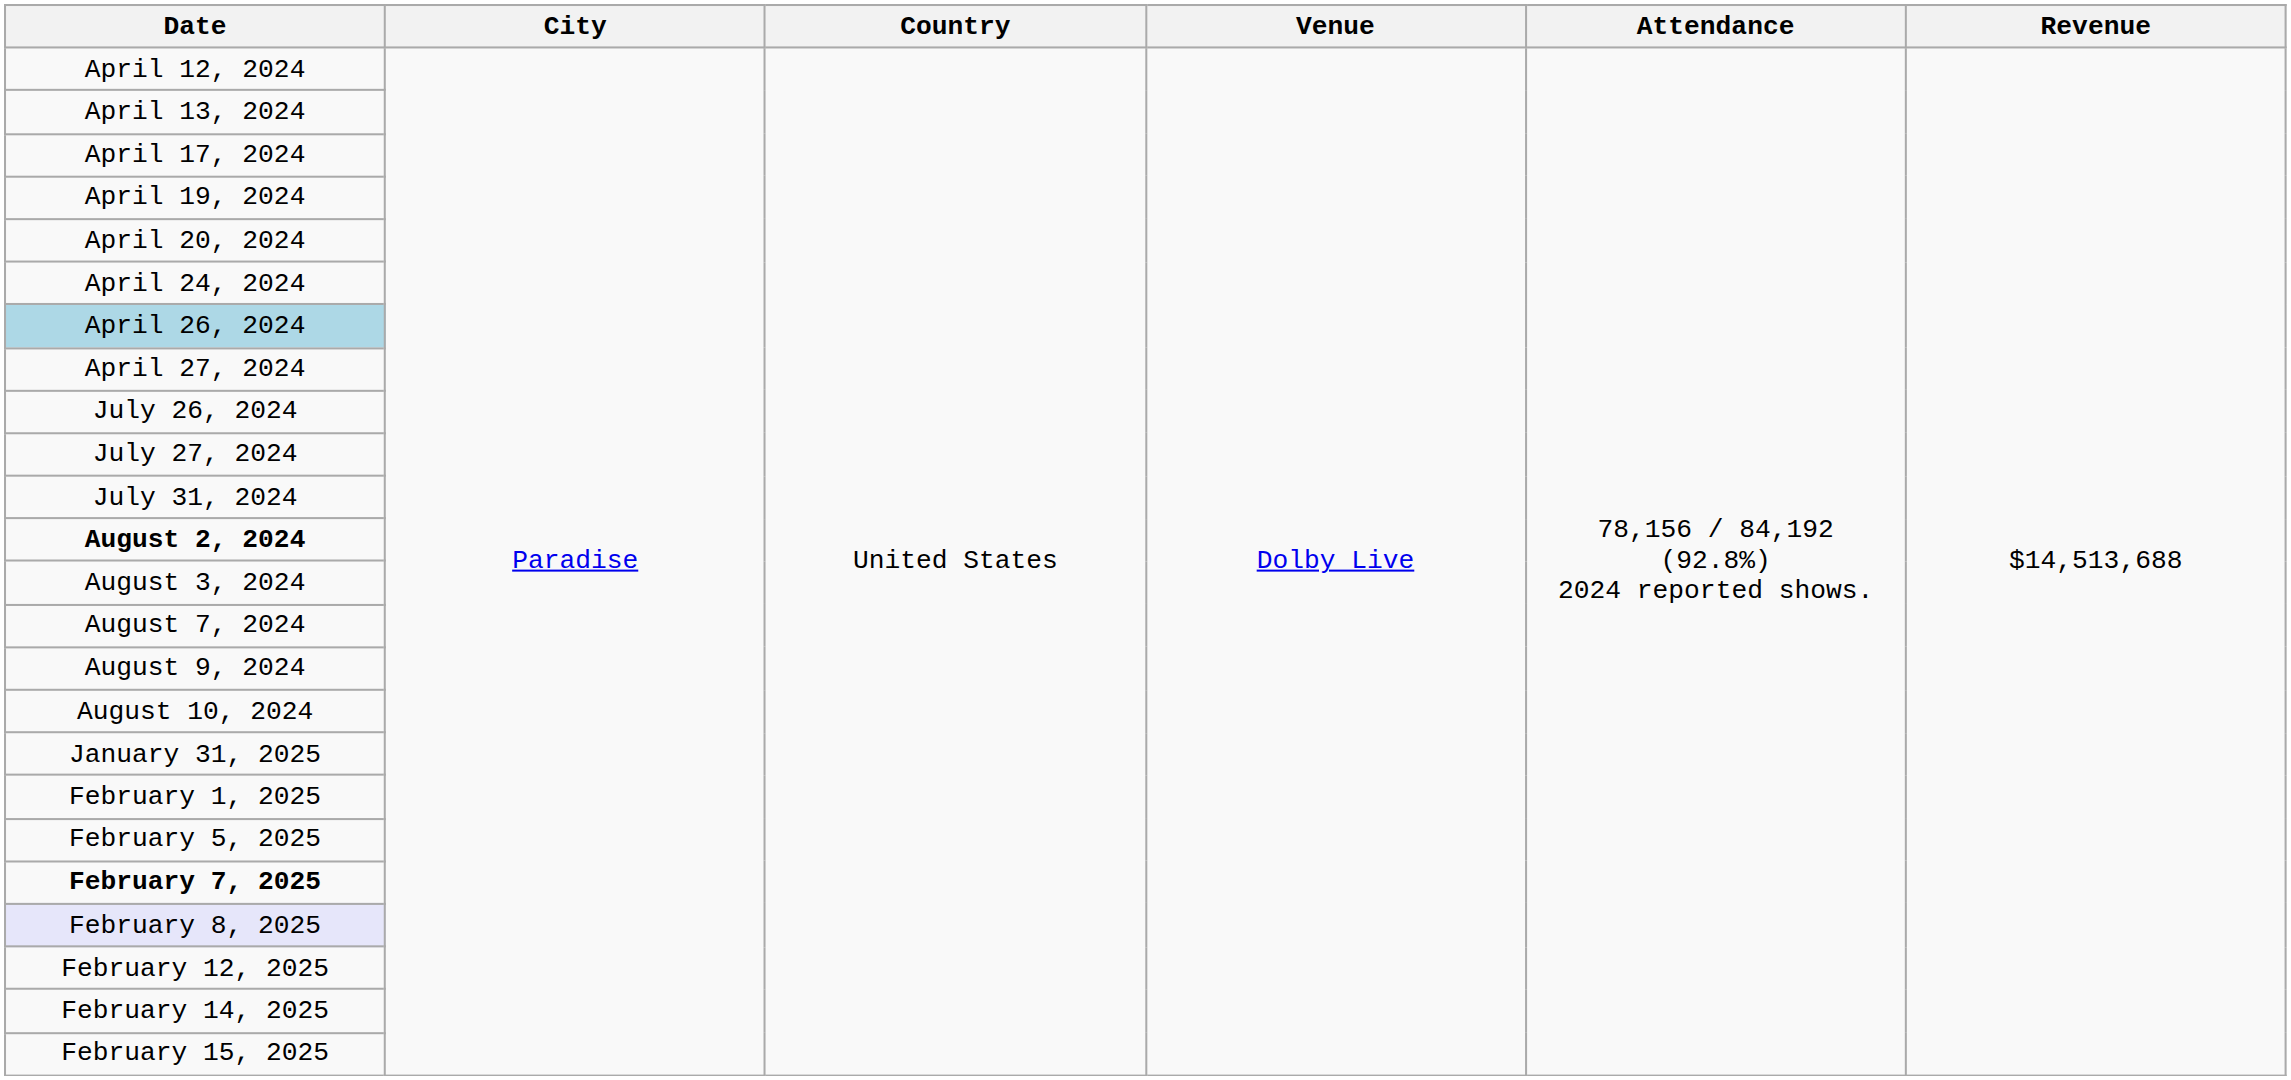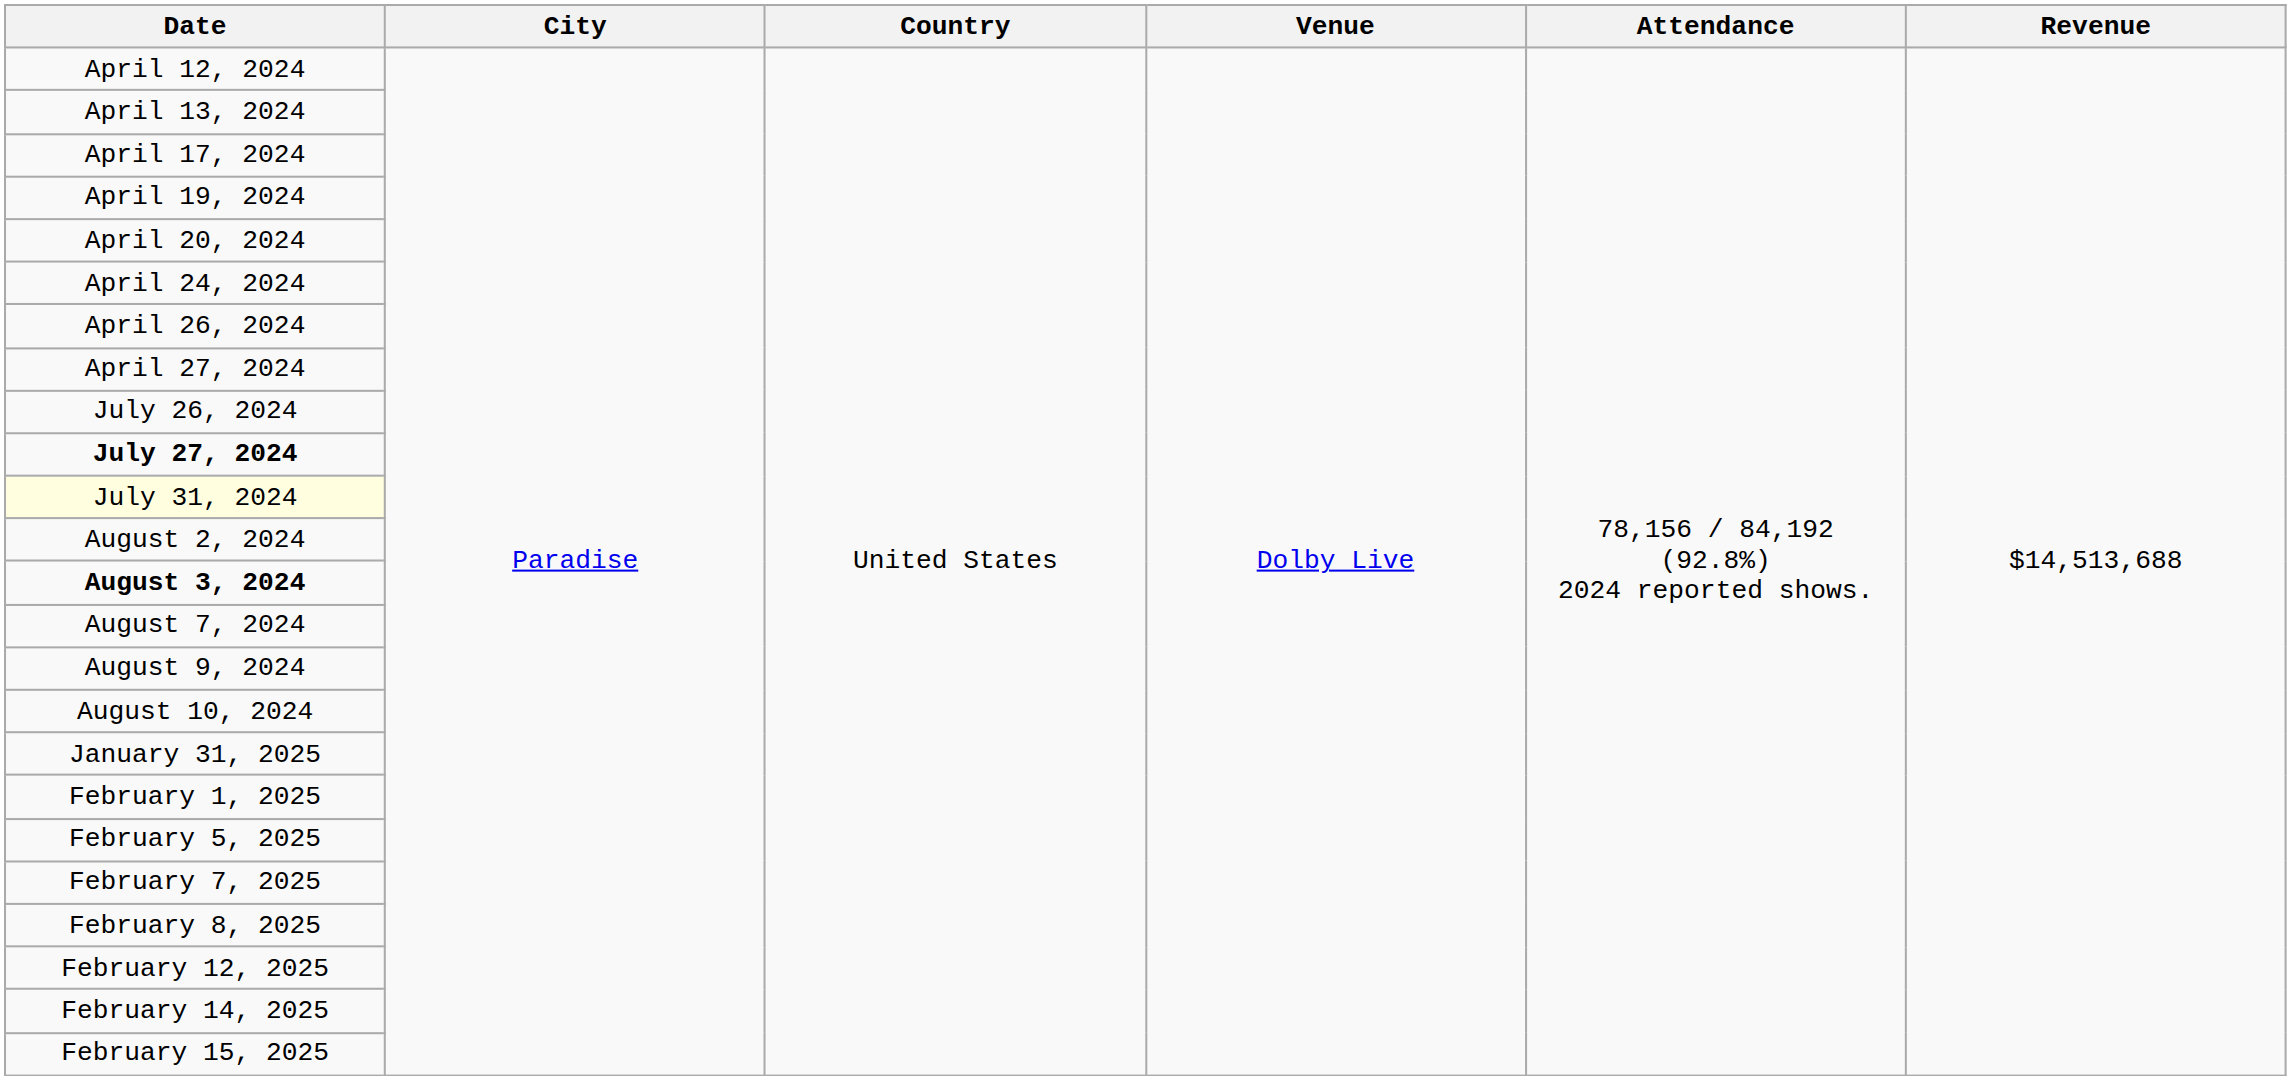 <table class="wikitable plainrowheaders" style="text-align:center;">
 <tr>
 <th scope="col" style="width:14em;">Date</th>
 <th scope="col" style="width:14em;">City</th>
 <th scope="col" style="width:14em;">Country</th>
 <th scope="col" style="width:14em;">Venue</th>
 <th scope="col" style="width:14em;">Attendance</th>
 <th scope="col" style="width:14em;">Revenue</th>
 </tr>
 <tr>
 <td scope="row" style="text-align:center;">April 12, 2024</td>
 <td rowspan="24"><a href='#'>Paradise</a></td>
 <td rowspan="24">United States</td>
 <td rowspan="24"><a href='#'>Dolby Live</a></td>
 <td rowspan="24">78,156 / 84,192<br>(92.8%)<br>2024 reported shows.</td>
 <td rowspan="24">$14,513,688</td>
 </tr>
 <tr>
 <td scope="row" style="text-align:center;">April 13, 2024</td>
 </tr>
 <tr>
 <td scope="row" style="text-align:center;">April 17, 2024</td>
 </tr>
 <tr>
 <td scope="row" style="text-align:center;">April 19, 2024</td>
 </tr>
 <tr>
 <td scope="row" style="text-align:center;">April 20, 2024</td>
 </tr>
 <tr>
 <td scope="row" style="text-align:center;">April 24, 2024</td>
 </tr>
 <tr>
-<td scope="row" style="background: lightblue; text-align:center;">April 26, 2024</td>
+<td scope="row" style="text-align:center;">April 26, 2024</td>
 </tr>
 <tr>
 <td scope="row" style="text-align:center;">April 27, 2024</td>
 </tr>
 <tr>
 <td scope="row" style="text-align:center;">July 26, 2024</td>
 </tr>
 <tr>
-<td scope="row" style="text-align:center;">July 27, 2024</td>
+<td scope="row" style="text-align:center;"><strong>July 27, 2024</strong></td>
 </tr>
 <tr>
-<td scope="row" style="text-align:center;">July 31, 2024</td>
+<td scope="row" style="background: lightyellow; text-align:center;">July 31, 2024</td>
 </tr>
 <tr>
-<td scope="row" style="text-align:center;"><strong>August 2, 2024</strong></td>
+<td scope="row" style="text-align:center;">August 2, 2024</td>
 </tr>
 <tr>
-<td scope="row" style="text-align:center;">August 3, 2024</td>
+<td scope="row" style="text-align:center;"><strong>August 3, 2024</strong></td>
 </tr>
 <tr>
 <td scope="row" style="text-align:center;">August 7, 2024</td>
 </tr>
 <tr>
 <td scope="row" style="text-align:center;">August 9, 2024</td>
 </tr>
 <tr>
 <td scope="row" style="text-align:center;">August 10, 2024</td>
 </tr>
 <tr>
 <td scope="row" style="text-align:center;">January 31, 2025</td>
 </tr>
 <tr>
 <td scope="row" style="text-align:center;">February 1, 2025</td>
 </tr>
 <tr>
 <td scope="row" style="text-align:center;">February 5, 2025</td>
 </tr>
 <tr>
-<td scope="row" style="text-align:center;"><strong>February 7, 2025</strong></td>
+<td scope="row" style="text-align:center;">February 7, 2025</td>
 </tr>
 <tr>
-<td scope="row" style="background: lavender; text-align:center;">February 8, 2025</td>
+<td scope="row" style="text-align:center;">February 8, 2025</td>
 </tr>
 <tr>
 <td scope="row" style="text-align:center;">February 12, 2025</td>
 </tr>
 <tr>
 <td scope="row" style="text-align:center;">February 14, 2025</td>
 </tr>
 <tr>
 <td scope="row" style="text-align:center;">February 15, 2025</td>
 </tr>
 </table>
